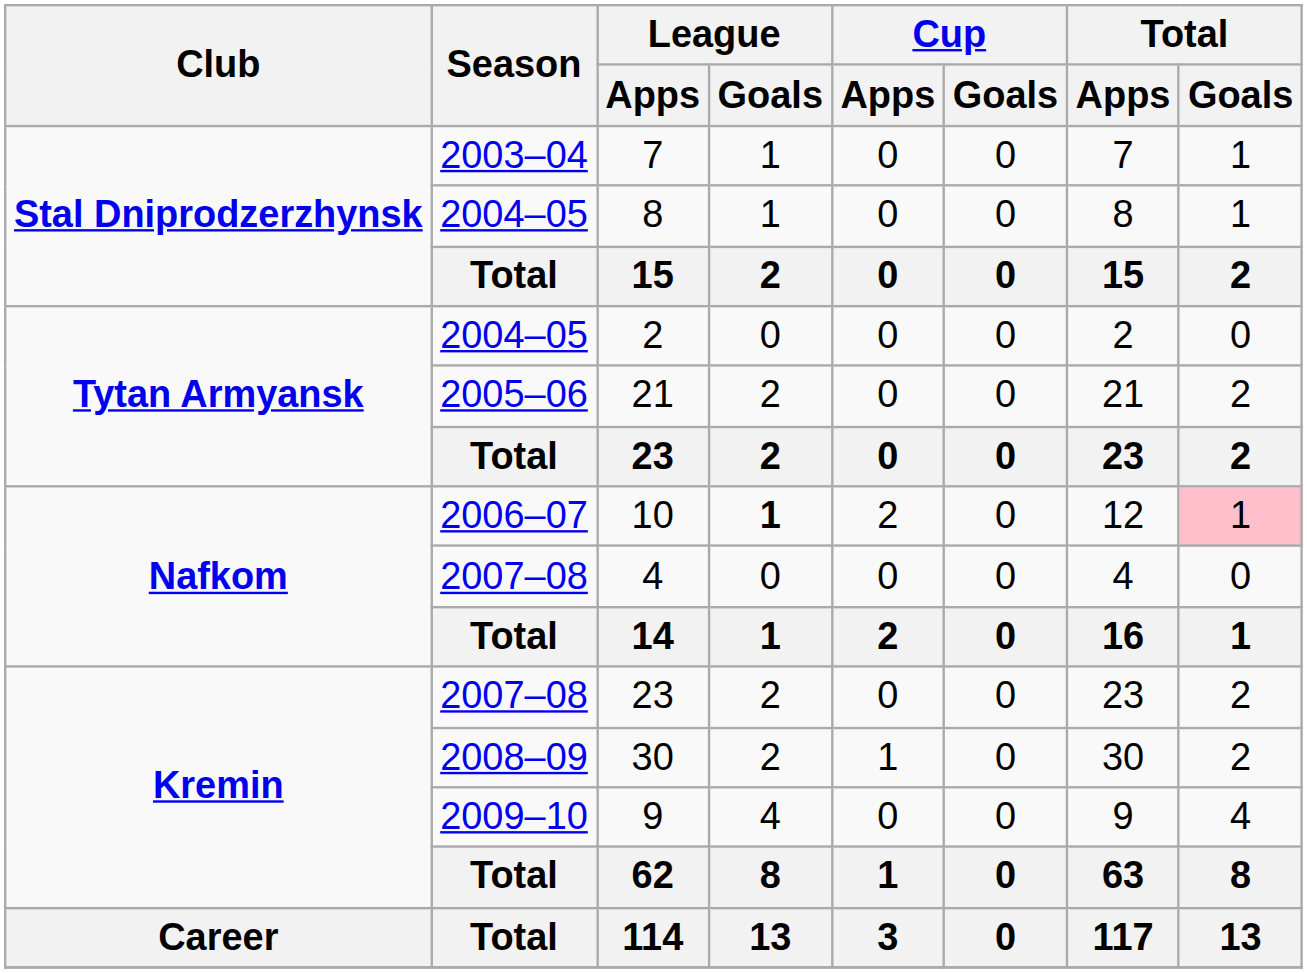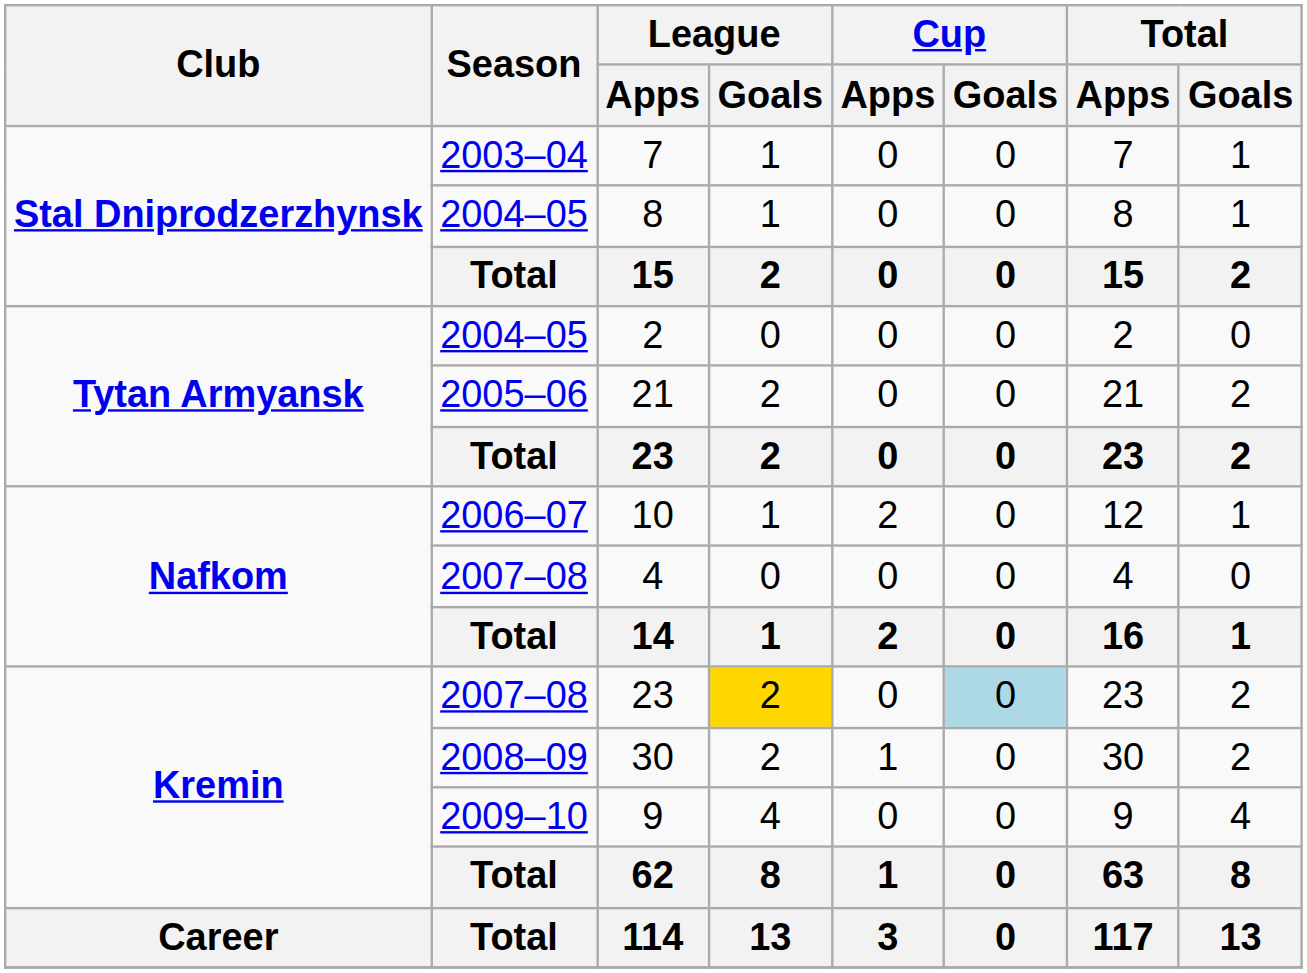 <table class="wikitable sortable" style="text-align: center;">
 <tr>
 <th rowspan="2">Club</th>
 <th rowspan="2">Season</th>
 <th colspan="2">League</th>
 <th colspan="2"><a href='#'>Cup</a></th>
 <th colspan="2">Total</th>
 </tr>
 <tr>
 <th>Apps</th>
 <th>Goals</th>
 <th>Apps</th>
 <th>Goals</th>
 <th>Apps</th>
 <th>Goals</th>
 </tr>
 <tr>
 <td rowspan="3"><strong><a href='#'>Stal Dniprodzerzhynsk</a></strong></td>
 <td><a href='#'>2003–04</a></td>
 <td>7</td>
 <td>1</td>
 <td>0</td>
 <td>0</td>
 <td>7</td>
 <td>1</td>
 </tr>
 <tr>
 <td><a href='#'>2004–05</a></td>
 <td>8</td>
 <td>1</td>
 <td>0</td>
 <td>0</td>
 <td>8</td>
 <td>1</td>
 </tr>
 <tr>
 <th>Total</th>
 <th>15</th>
 <th>2</th>
 <th>0</th>
 <th>0</th>
 <th>15</th>
 <th>2</th>
 </tr>
 <tr>
 <td rowspan="3"><strong><a href='#'>Tytan Armyansk</a></strong></td>
 <td><a href='#'>2004–05</a></td>
 <td>2</td>
 <td>0</td>
 <td>0</td>
 <td>0</td>
 <td>2</td>
 <td>0</td>
 </tr>
 <tr>
 <td><a href='#'>2005–06</a></td>
 <td>21</td>
 <td>2</td>
 <td>0</td>
 <td>0</td>
 <td>21</td>
 <td>2</td>
 </tr>
 <tr>
 <th>Total</th>
 <th>23</th>
 <th>2</th>
 <th>0</th>
 <th>0</th>
 <th>23</th>
 <th>2</th>
 </tr>
 <tr>
 <td rowspan="3"><strong><a href='#'>Nafkom</a></strong></td>
 <td><a href='#'>2006–07</a></td>
 <td>10</td>
-<td><strong>1</strong></td>
+<td>1</td>
 <td>2</td>
 <td>0</td>
 <td>12</td>
-<td style="background: pink;">1</td>
+<td>1</td>
 </tr>
 <tr>
 <td><a href='#'>2007–08</a></td>
 <td>4</td>
 <td>0</td>
 <td>0</td>
 <td>0</td>
 <td>4</td>
 <td>0</td>
 </tr>
 <tr>
 <th>Total</th>
 <th>14</th>
 <th>1</th>
 <th>2</th>
 <th>0</th>
 <th>16</th>
 <th>1</th>
 </tr>
 <tr>
 <td rowspan="4"><strong><a href='#'>Kremin</a></strong></td>
 <td><a href='#'>2007–08</a></td>
 <td>23</td>
-<td>2</td>
+<td style="background: gold;">2</td>
 <td>0</td>
-<td>0</td>
+<td style="background: lightblue;">0</td>
 <td>23</td>
 <td>2</td>
 </tr>
 <tr>
 <td><a href='#'>2008–09</a></td>
 <td>30</td>
 <td>2</td>
 <td>1</td>
 <td>0</td>
 <td>30</td>
 <td>2</td>
 </tr>
 <tr>
 <td><a href='#'>2009–10</a></td>
 <td>9</td>
 <td>4</td>
 <td>0</td>
 <td>0</td>
 <td>9</td>
 <td>4</td>
 </tr>
 <tr>
 <th>Total</th>
 <th>62</th>
 <th>8</th>
 <th>1</th>
 <th>0</th>
 <th>63</th>
 <th>8</th>
 </tr>
 <tr>
 <th>Career</th>
 <th>Total</th>
 <th>114</th>
 <th>13</th>
 <th>3</th>
 <th>0</th>
 <th>117</th>
 <th>13</th>
 </tr>
 <tr>
 </tr>
 </table>
